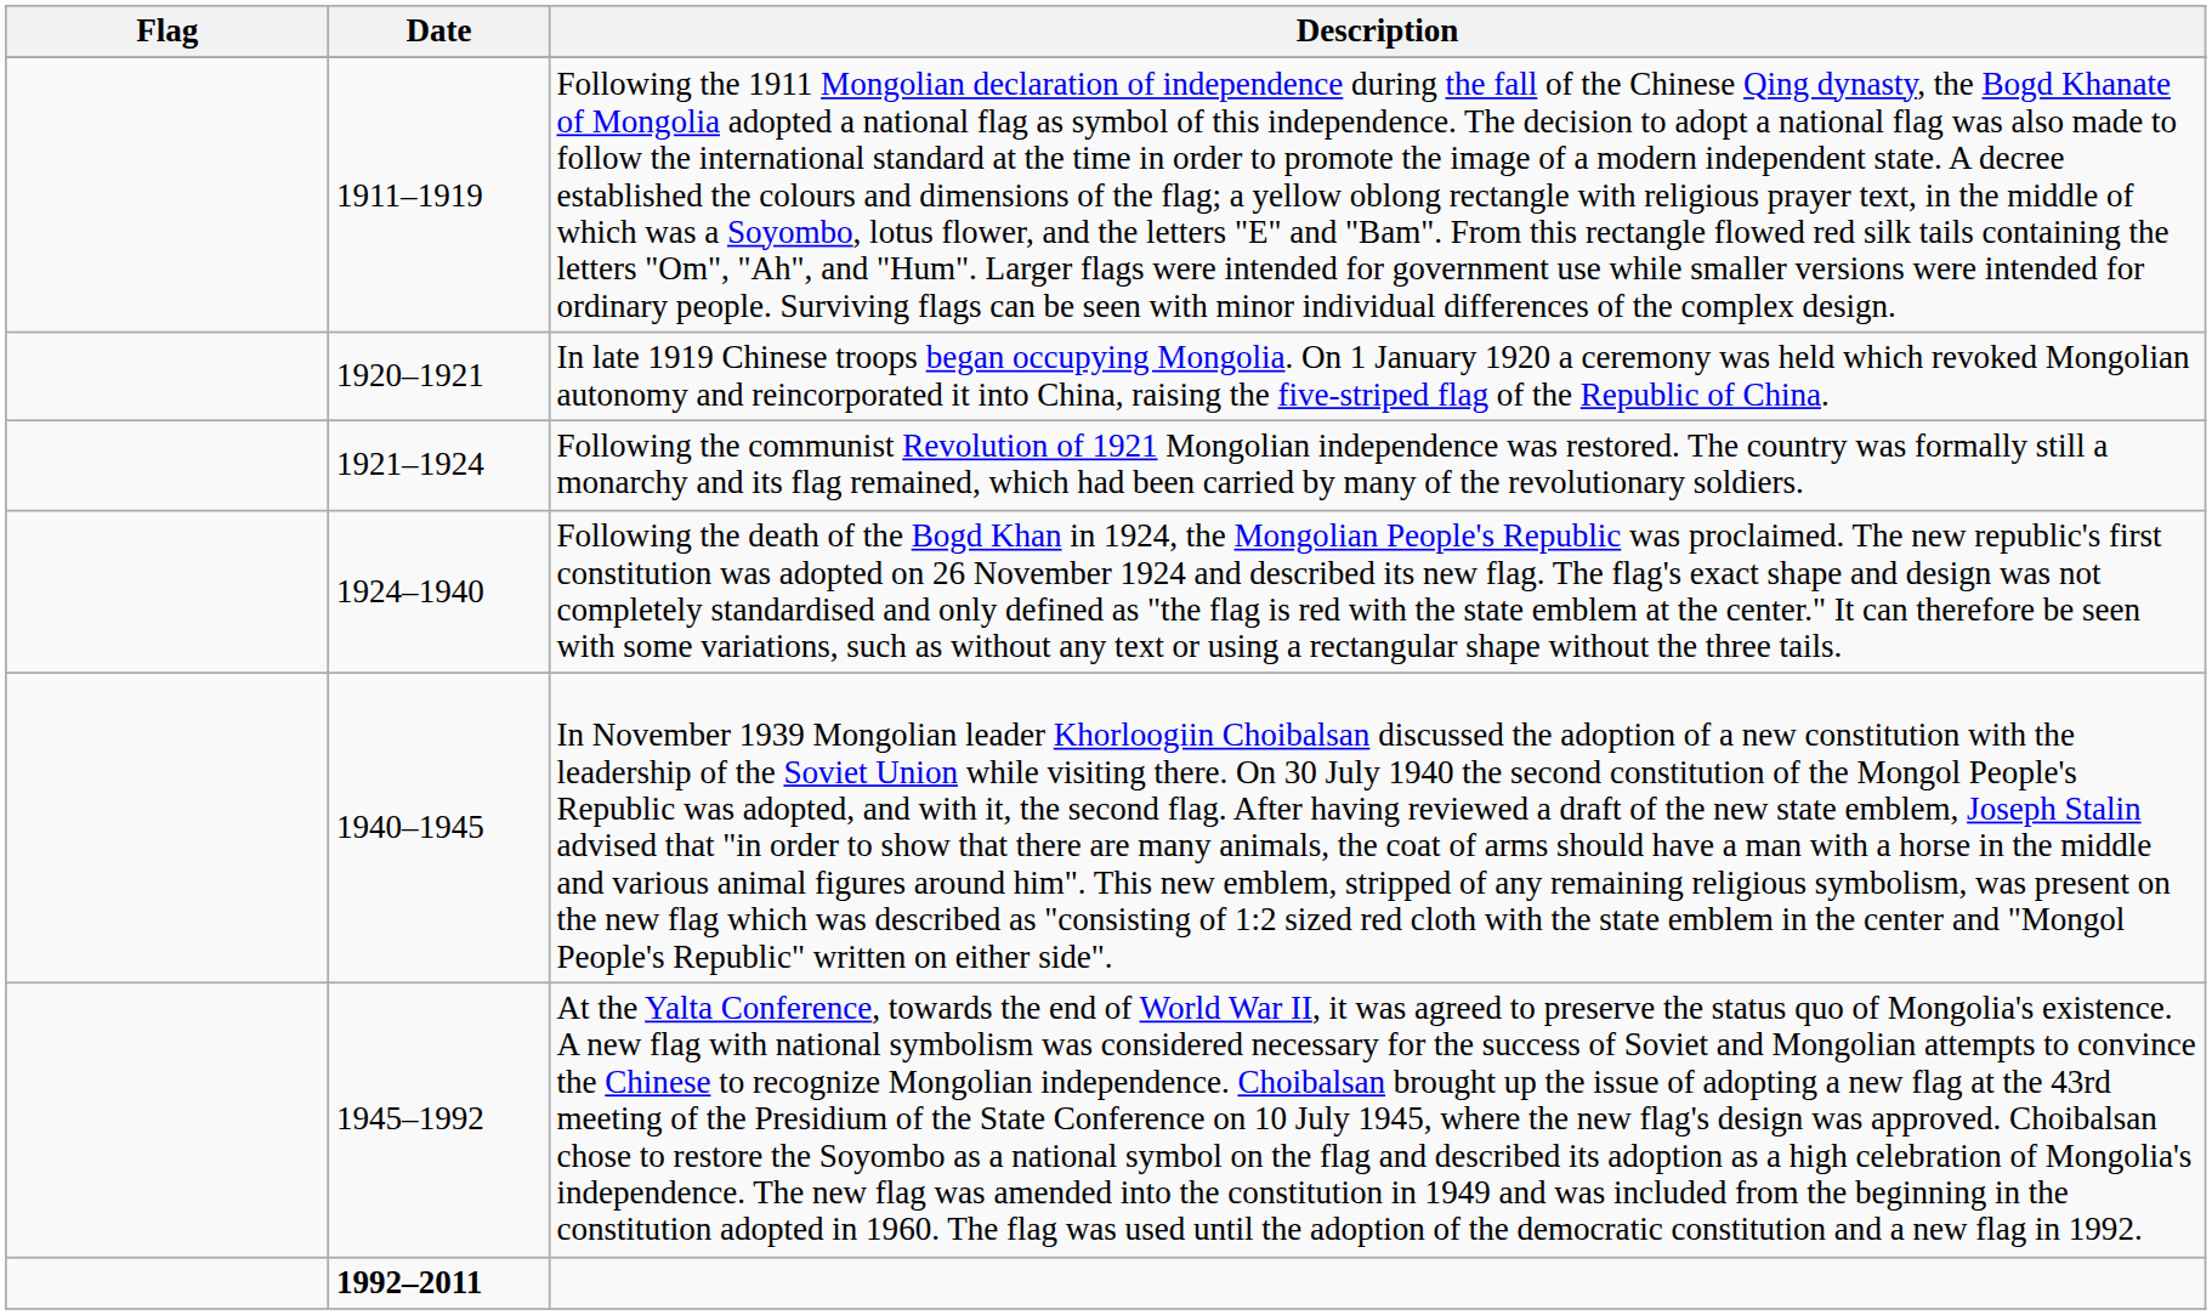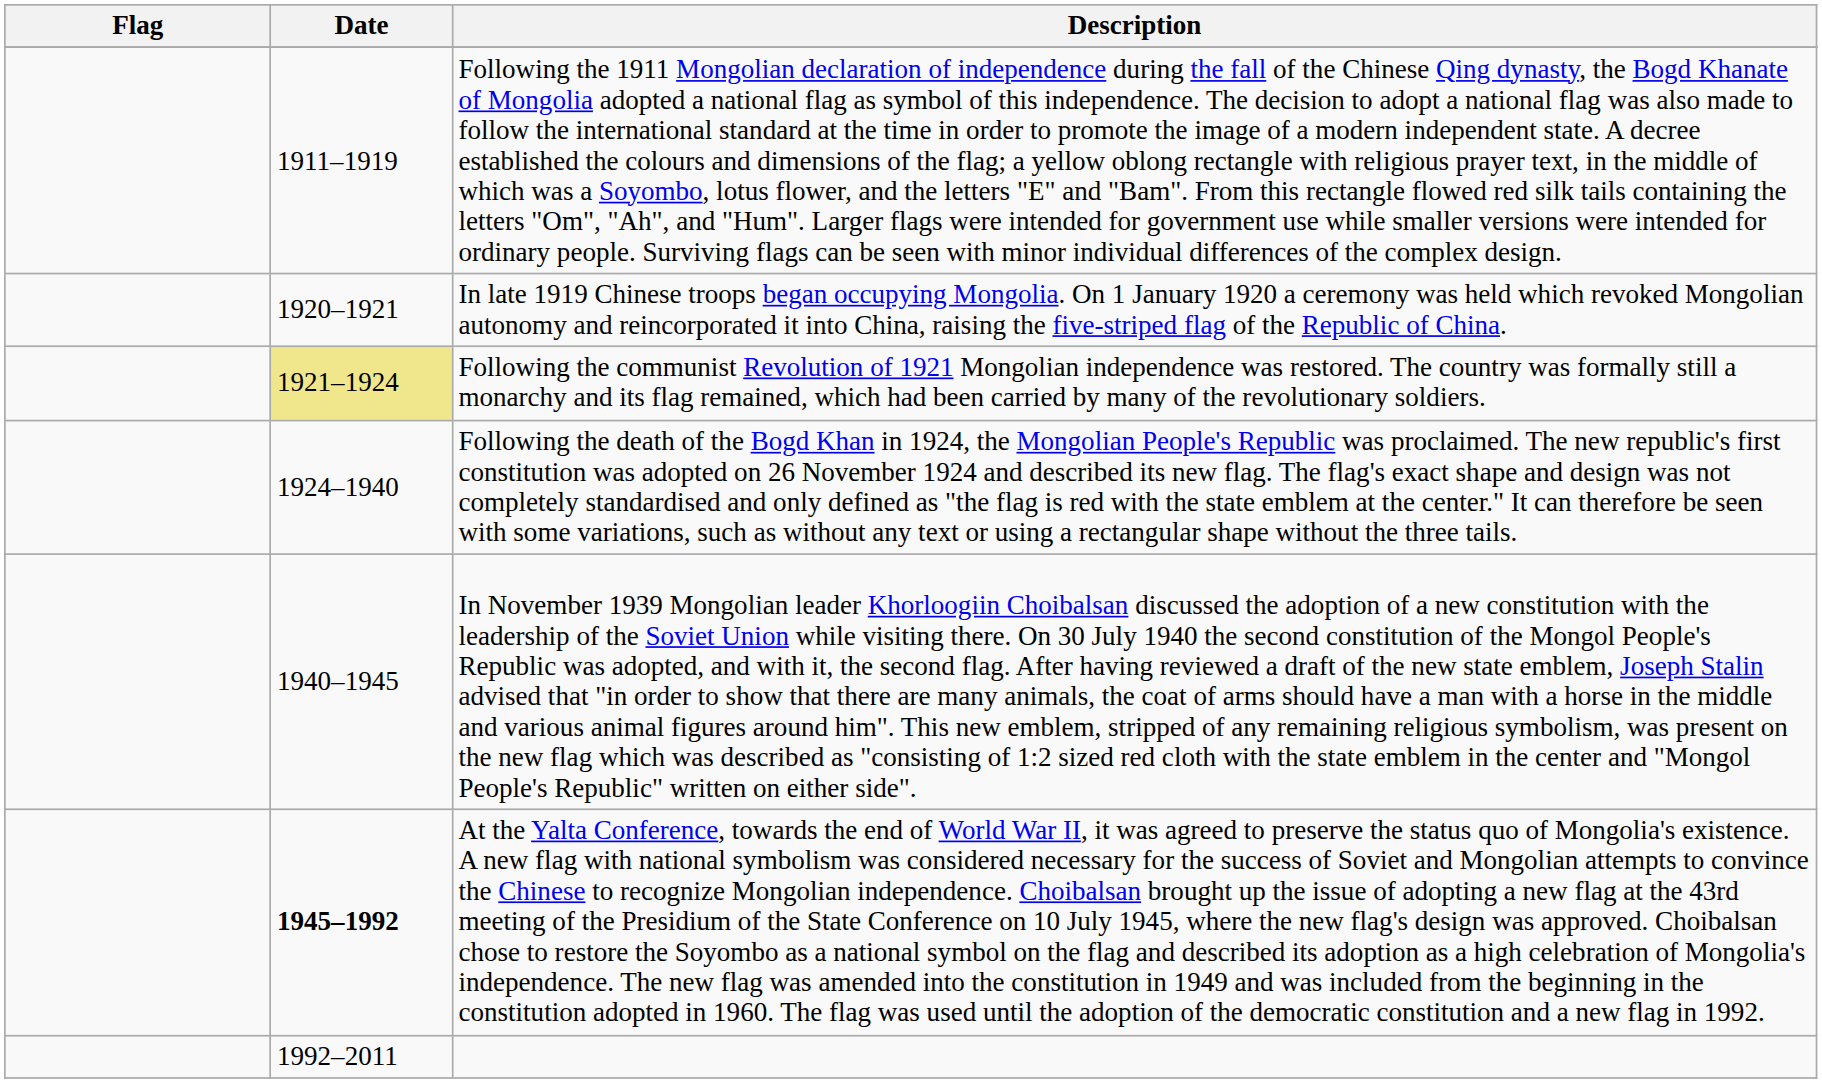 <table class="wikitable">
 <tr>
 <th width="150px">Flag</th>
 <th width="100px">Date</th>
 <th width="800px">Description</th>
 </tr>
 <tr>
 </tr>
 <tr>
 </tr>
 <tr>
 <td></td>
 <td>1911–1919</td>
 <td>Following the 1911 <a href='#'>Mongolian declaration of independence</a> during <a href='#'>the fall</a> of the Chinese <a href='#'>Qing dynasty</a>, the <a href='#'>Bogd Khanate of Mongolia</a> adopted a national flag as symbol of this independence. The decision to adopt a national flag was also made to follow the international standard at the time in order to promote the image of a modern independent state. A decree established the colours and dimensions of the flag; a yellow oblong rectangle with religious prayer text, in the middle of which was a <a href='#'>Soyombo</a>, lotus flower, and the letters "E" and "Bam". From this rectangle flowed red silk tails containing the letters "Om", "Ah", and "Hum". Larger flags were intended for government use while smaller versions were intended for ordinary people. Surviving flags can be seen with minor individual differences of the complex design.</td>
 </tr>
 <tr>
 <td></td>
 <td>1920–1921</td>
 <td>In late 1919 Chinese troops <a href='#'>began occupying Mongolia</a>. On 1 January 1920 a ceremony was held which revoked Mongolian autonomy and reincorporated it into China, raising the <a href='#'>five-striped flag</a> of the <a href='#'>Republic of China</a>.</td>
 </tr>
 <tr>
 <td></td>
-<td>1921–1924</td>
+<td style="background: khaki;">1921–1924</td>
 <td>Following the communist <a href='#'>Revolution of 1921</a> Mongolian independence was restored. The country was formally still a monarchy and its flag remained, which had been carried by many of the revolutionary soldiers.</td>
 </tr>
 <tr>
 <td><br><br></td>
 <td>1924–1940</td>
 <td>Following the death of the <a href='#'>Bogd Khan</a> in 1924, the <a href='#'>Mongolian People's Republic</a> was proclaimed. The new republic's first constitution was adopted on 26 November 1924 and described its new flag. The flag's exact shape and design was not completely standardised and only defined as "the flag is red with the state emblem at the center." It can therefore be seen with some variations, such as without any text or using a rectangular shape without the three tails.</td>
 </tr>
 <tr>
 <td></td>
 <td>1940–1945</td>
 <td><br>In November 1939 Mongolian leader <a href='#'>Khorloogiin Choibalsan</a> discussed the adoption of a new constitution with the leadership of the <a href='#'>Soviet Union</a> while visiting there. On 30 July 1940 the second constitution of the Mongol People's Republic was adopted, and with it, the second flag. After having reviewed a draft of the new state emblem, <a href='#'>Joseph Stalin</a> advised that "in order to show that there are many animals, the coat of arms should have a man with a horse in the middle and various animal figures around him". This new emblem, stripped of any remaining religious symbolism, was present on the new flag which was described as "consisting of 1:2 sized red cloth with the state emblem in the center and "Mongol People's Republic" written on either side".</td>
 </tr>
 <tr>
 <td></td>
-<td>1945–1992</td>
+<td><strong>1945–1992</strong></td>
 <td>At the <a href='#'>Yalta Conference</a>, towards the end of <a href='#'>World War II</a>, it was agreed to preserve the status quo of Mongolia's existence. A new flag with national symbolism was considered necessary for the success of Soviet and Mongolian attempts to convince the <a href='#'>Chinese</a> to recognize Mongolian independence. <a href='#'>Choibalsan</a> brought up the issue of adopting a new flag at the 43rd meeting of the Presidium of the State Conference on 10 July 1945, where the new flag's design was approved. Choibalsan chose to restore the Soyombo as a national symbol on the flag and described its adoption as a high celebration of Mongolia's independence. The new flag was amended into the constitution in 1949 and was included from the beginning in the constitution adopted in 1960. The flag was used until the adoption of the democratic constitution and a new flag in 1992.</td>
 </tr>
 <tr>
 <td></td>
-<td><strong>1992–2011</strong></td>
+<td>1992–2011</td>
 <td></td>
 </tr>
 </table>
